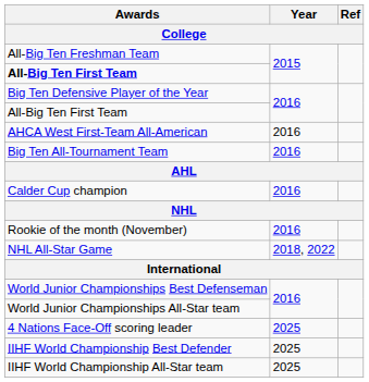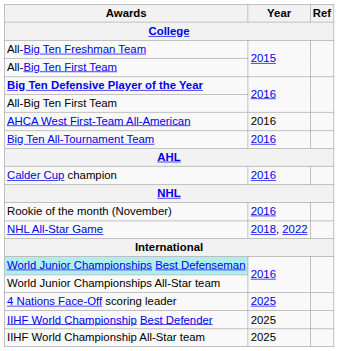 <table class="wikitable">
 <tr>
 <th>Awards</th>
 <th>Year</th>
 <th>Ref</th>
 </tr>
 <tr>
 <th colspan="3"><a href='#'>College</a></th>
 </tr>
 <tr>
 <td>All-<a href='#'>Big Ten Freshman Team</a></td>
 <td rowspan="2"><a href='#'>2015</a></td>
 <td rowspan="2"></td>
 </tr>
 <tr>
-<td><strong>All-<a href='#'>Big Ten First Team</a></strong></td>
+<td>All-<a href='#'>Big Ten First Team</a></td>
 </tr>
 <tr>
-<td><a href='#'>Big Ten Defensive Player of the Year</a></td>
+<td><strong><a href='#'>Big Ten Defensive Player of the Year</a></strong></td>
 <td rowspan="2"><a href='#'>2016</a></td>
 <td rowspan="2"></td>
 </tr>
 <tr>
 <td>All-Big Ten First Team</td>
 </tr>
 <tr>
 <td><a href='#'>AHCA West First-Team All-American</a></td>
 <td>2016</td>
 <td></td>
 </tr>
 <tr>
 <td><a href='#'>Big Ten All-Tournament Team</a></td>
 <td><a href='#'>2016</a></td>
 <td></td>
 </tr>
 <tr>
 <th colspan="3"><a href='#'>AHL</a></th>
 </tr>
 <tr>
 <td><a href='#'>Calder Cup</a> champion</td>
 <td><a href='#'>2016</a></td>
 <td></td>
 </tr>
 <tr>
 <th colspan="3"><a href='#'>NHL</a></th>
 </tr>
 <tr>
 <td>Rookie of the month (November)</td>
 <td><a href='#'>2016</a></td>
 <td></td>
 </tr>
 <tr>
 <td><a href='#'>NHL All-Star Game</a></td>
 <td><a href='#'>2018</a>, <a href='#'>2022</a></td>
 <td></td>
 </tr>
 <tr>
 <th colspan="3">International</th>
 </tr>
 <tr>
-<td><a href='#'>World Junior Championships</a> <a href='#'>Best Defenseman</a></td>
+<td style="background: paleturquoise;"><a href='#'>World Junior Championships</a> <a href='#'>Best Defenseman</a></td>
 <td rowspan="2"><a href='#'>2016</a></td>
 <td rowspan="2"></td>
 </tr>
 <tr>
 <td>World Junior Championships All-Star team</td>
 </tr>
 <tr>
 <td><a href='#'>4 Nations Face-Off</a> scoring leader</td>
 <td><a href='#'>2025</a></td>
 <td></td>
 </tr>
 <tr>
 <td><a href='#'>IIHF World Championship</a> <a href='#'>Best Defender</a></td>
 <td>2025</td>
 <td></td>
 </tr>
 <tr>
 <td>IIHF World Championship All-Star team</td>
 <td>2025</td>
 <td></td>
 </tr>
 </table>
